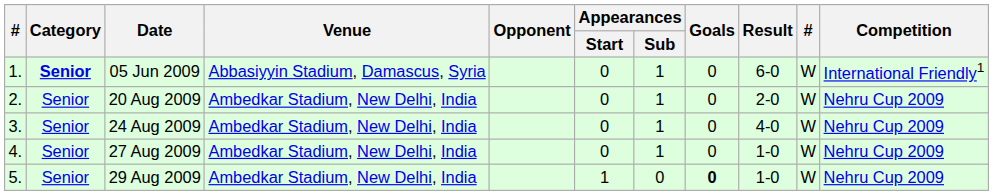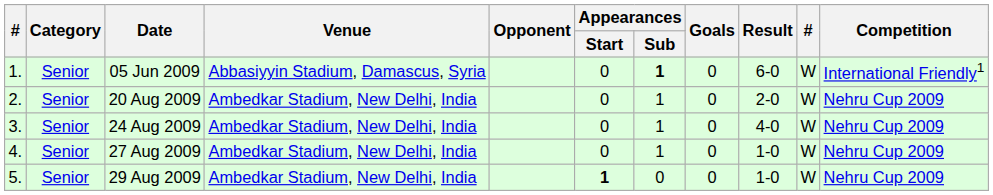 <table class="wikitable" style="font-size:90%; text-align: center;">
 <tr>
 <th rowspan="2">#</th>
 <th rowspan="2">Category</th>
 <th rowspan="2">Date</th>
 <th rowspan="2">Venue</th>
 <th rowspan="2">Opponent</th>
 <th colspan="2">Appearances</th>
 <th rowspan="2">Goals</th>
 <th rowspan="2">Result</th>
 <th rowspan="2">#</th>
 <th rowspan="2">Competition</th>
 </tr>
 <tr>
 <th>Start</th>
 <th>Sub</th>
 </tr>
 <tr bgcolor=#DDFFDD>
 <td align="left">1.</td>
-<td><strong><a href='#'>Senior</a></strong></td>
+<td><a href='#'>Senior</a></td>
 <td>05 Jun 2009</td>
 <td align="left"><a href='#'>Abbasiyyin Stadium</a>, <a href='#'>Damascus</a>, <a href='#'>Syria</a></td>
 <td align="left"></td>
 <td>0</td>
-<td>1</td>
+<td><strong>1</strong></td>
 <td>0</td>
 <td>6-0</td>
 <td>W</td>
 <td align="left"><a href='#'>International Friendly</a><sup>1</sup></td>
 </tr>
 <tr bgcolor=#DDFFDD>
 <td align="left">2.</td>
 <td><a href='#'>Senior</a></td>
 <td>20 Aug 2009</td>
 <td align="left"><a href='#'>Ambedkar Stadium</a>, <a href='#'>New Delhi</a>, <a href='#'>India</a></td>
 <td align="left"></td>
 <td>0</td>
 <td>1</td>
 <td>0</td>
 <td>2-0</td>
 <td>W</td>
 <td align="left"><a href='#'>Nehru Cup 2009</a></td>
 </tr>
 <tr bgcolor=#DDFFDD>
 <td align="left">3.</td>
 <td><a href='#'>Senior</a></td>
 <td>24 Aug 2009</td>
 <td align="left"><a href='#'>Ambedkar Stadium</a>, <a href='#'>New Delhi</a>, <a href='#'>India</a></td>
 <td align="left"></td>
 <td>0</td>
 <td>1</td>
 <td>0</td>
 <td>4-0</td>
 <td>W</td>
 <td align="left"><a href='#'>Nehru Cup 2009</a></td>
 </tr>
 <tr bgcolor=#DDFFDD>
 <td align="left">4.</td>
 <td><a href='#'>Senior</a></td>
 <td>27 Aug 2009</td>
 <td align="left"><a href='#'>Ambedkar Stadium</a>, <a href='#'>New Delhi</a>, <a href='#'>India</a></td>
 <td align="left"></td>
 <td>0</td>
 <td>1</td>
 <td>0</td>
 <td>1-0</td>
 <td>W</td>
 <td align="left"><a href='#'>Nehru Cup 2009</a></td>
 </tr>
 <tr bgcolor=#DDFFDD>
 <td align="left">5.</td>
 <td><a href='#'>Senior</a></td>
 <td>29 Aug 2009</td>
 <td align="left"><a href='#'>Ambedkar Stadium</a>, <a href='#'>New Delhi</a>, <a href='#'>India</a></td>
 <td align="left"></td>
-<td>1</td>
+<td><strong>1</strong></td>
 <td>0</td>
-<td><strong>0</strong></td>
+<td>0</td>
 <td>1-0</td>
 <td>W</td>
 <td align="left"><a href='#'>Nehru Cup 2009</a></td>
 </tr>
 </table>
